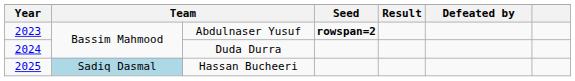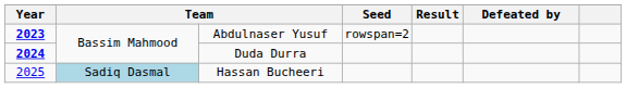 <table class="wikitable" style="text-align: center;">
 <tr style= "background: #e2e2e2;">
 </tr>
 <tr style="background: #efefef;">
 <th width=50px>Year</th>
 <th colspan="2">Team</th>
 <th width=50px>Seed</th>
 <th width=50px>Result</th>
 <th width=120px>Defeated by</th>
 <th width=40px></th>
 </tr>
 <tr>
-<td><a href='#'>2023</a></td>
+<td><strong><a href='#'>2023</a></strong></td>
 <td rowspan=2 width=150px>Bassim Mahmood</td>
 <td width=150px>Abdulnaser Yusuf</td>
-<td><strong>rowspan=2 </strong></td>
+<td>rowspan=2 </td>
 <td></td>
 <td> <br> </td>
 <td></td>
 </tr>
 <tr>
-<td><a href='#'>2024</a></td>
+<td><strong><a href='#'>2024</a></strong></td>
 <td width=150px>Duda Durra</td>
 <td></td>
 <td> <br> </td>
 <td></td>
 </tr>
 <tr>
 <td><a href='#'>2025</a></td>
 <td style="background: lightblue;">Sadiq Dasmal</td>
 <td>Hassan Bucheeri</td>
 <td></td>
 <td></td>
 <td></td>
 <td></td>
 </tr>
 </table>
